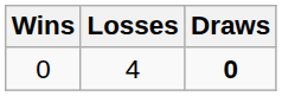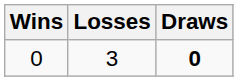 <table class="wikitable">
 <tr>
 <th>Wins</th>
 <th>Losses</th>
 <th>Draws</th>
 </tr>
 <tr>
 <td align=center>0</td>
-<td align=center>4</td>
+<td align=center>3</td>
 <td align=center><strong>0</strong></td>
 </tr>
 </table>
